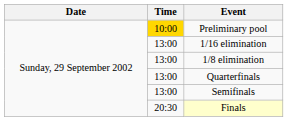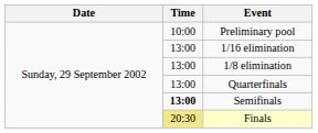 <table class = "wikitable" style="text-align:center;">
 <tr>
 <th width=220>Date</th>
 <th width=50>Time</th>
 <th width=150>Event</th>
 </tr>
 <tr>
 <td rowspan=6>Sunday, 29 September 2002</td>
-<td style="background: gold;">10:00</td>
+<td>10:00</td>
 <td>Preliminary pool</td>
 </tr>
 <tr>
 <td>13:00</td>
 <td>1/16 elimination</td>
 </tr>
 <tr>
 <td>13:00</td>
 <td>1/8 elimination</td>
 </tr>
 <tr>
 <td>13:00</td>
 <td>Quarterfinals</td>
 </tr>
 <tr>
-<td>13:00</td>
+<td><strong>13:00</strong></td>
 <td>Semifinals</td>
 </tr>
 <tr>
-<td>20:30</td>
+<td style="background: khaki;">20:30</td>
 <td bgcolor=ffffcc>Finals</td>
 </tr>
 </table>
